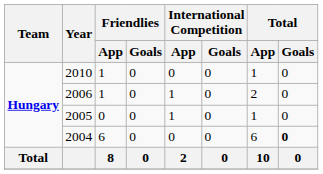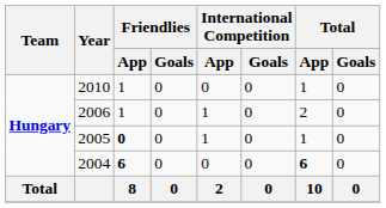 <table class="wikitable">
 <tr>
 <th rowspan=2>Team</th>
 <th rowspan=2>Year</th>
 <th colspan=2>Friendlies</th>
 <th colspan=2>International<br>Competition</th>
 <th colspan=2>Total</th>
 </tr>
 <tr>
 <th>App</th>
 <th>Goals</th>
 <th>App</th>
 <th>Goals</th>
 <th>App</th>
 <th>Goals</th>
 </tr>
 <tr>
 <td rowspan=4 align=center valign=center><strong><a href='#'>Hungary</a></strong></td>
 <td>2010</td>
 <td>1</td>
 <td>0</td>
 <td>0</td>
 <td>0</td>
 <td>1</td>
 <td>0</td>
 </tr>
 <tr>
 <td>2006</td>
 <td>1</td>
 <td>0</td>
 <td>1</td>
 <td>0</td>
 <td>2</td>
 <td>0</td>
 </tr>
 <tr>
 <td>2005</td>
-<td>0</td>
+<td><strong>0</strong></td>
 <td>0</td>
 <td>1</td>
 <td>0</td>
 <td>1</td>
 <td>0</td>
 </tr>
 <tr>
 <td>2004</td>
-<td>6</td>
+<td><strong>6</strong></td>
 <td>0</td>
 <td>0</td>
 <td>0</td>
-<td>6</td>
-<td><strong>0</strong></td>
+<td><strong>6</strong></td>
+<td>0</td>
 </tr>
 <tr>
 <th align=left>Total</th>
 <th align=left colspan=1></th>
 <th align=left>8</th>
 <th align=left>0</th>
 <th align=left>2</th>
 <th align=left>0</th>
 <th align=left>10</th>
 <th align=left>0</th>
 </tr>
 <tr>
 </tr>
 </table>
